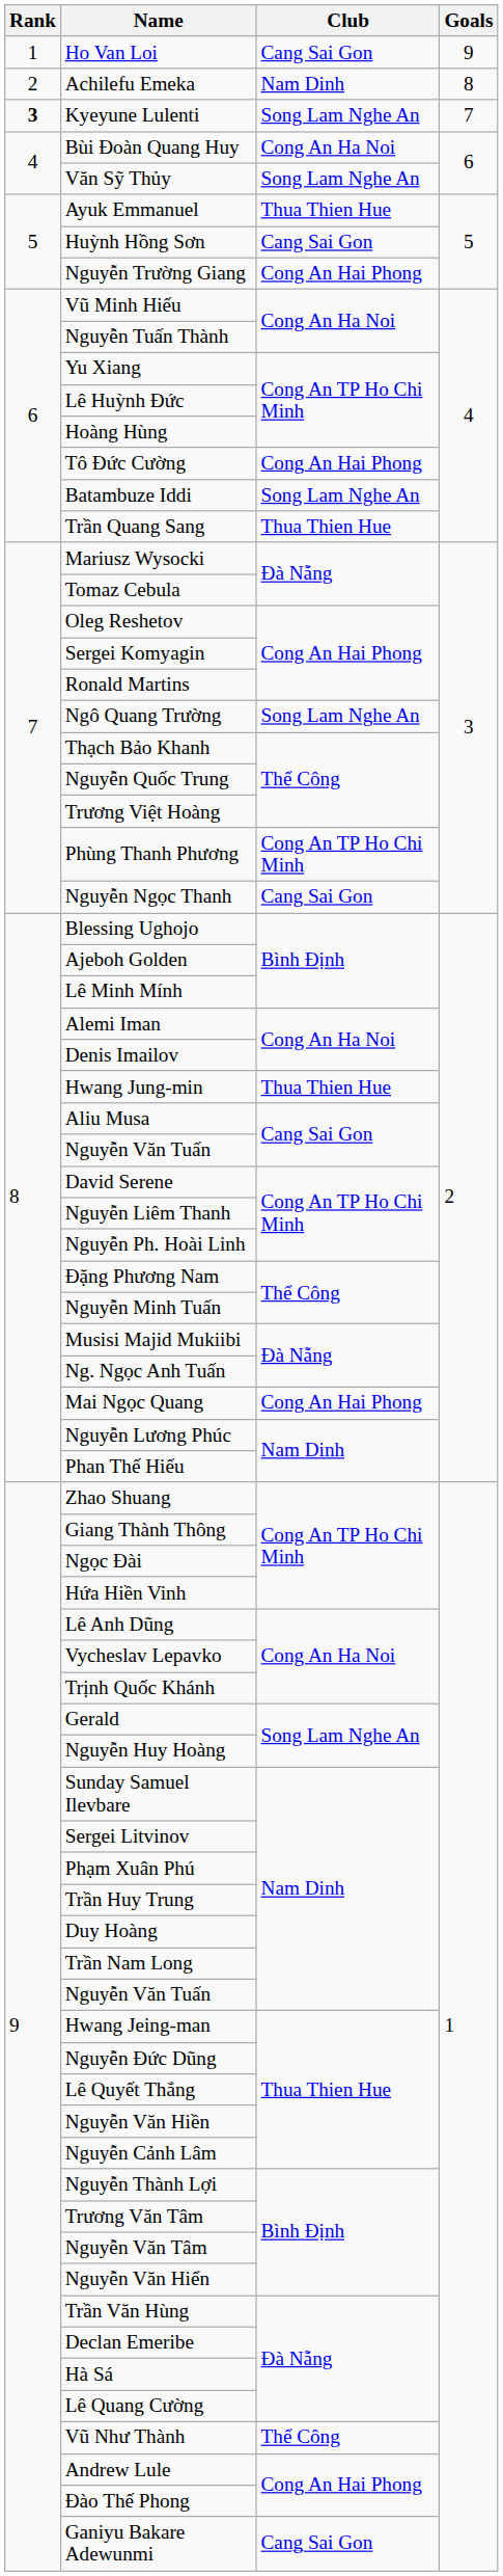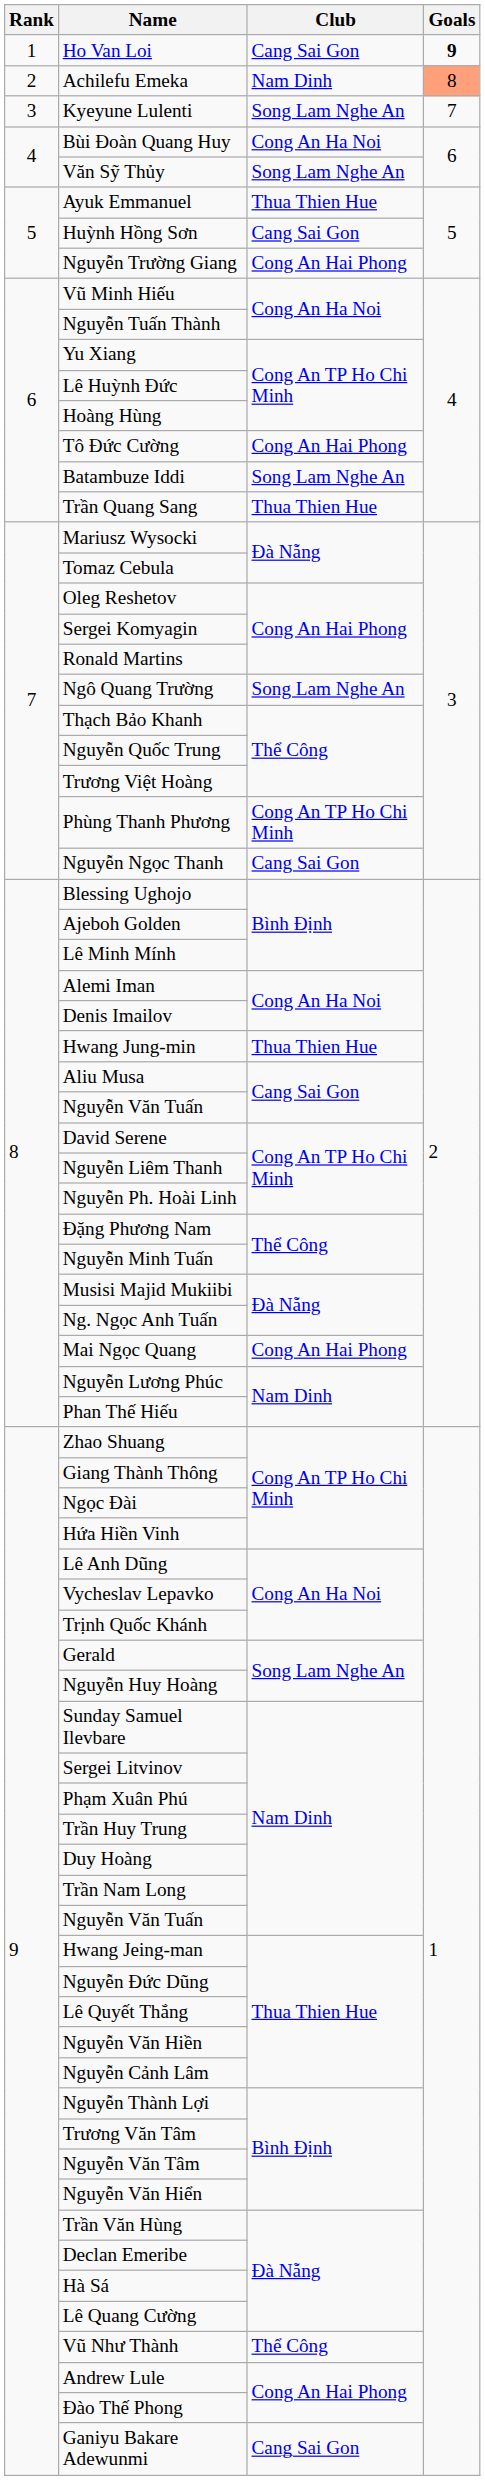 <table class="wikitable sortable">
 <tr>
 <th>Rank</th>
 <th width='150'>Name</th>
 <th width='140'>Club</th>
 <th>Goals</th>
 </tr>
 <tr>
 <td align="center">1</td>
 <td> <a href='#'>Ho Van Loi</a></td>
 <td><a href='#'>Cang Sai Gon</a></td>
-<td align="center">9</td>
+<td align="center"><strong>9</strong></td>
 </tr>
 <tr>
 <td align="center">2</td>
 <td> Achilefu Emeka</td>
 <td><a href='#'>Nam Dinh</a></td>
-<td align="center">8</td>
+<td align="center" style="background: lightsalmon;">8</td>
 </tr>
 <tr>
-<td align="center"><strong>3</strong></td>
+<td align="center">3</td>
 <td> Kyeyune Lulenti</td>
 <td><a href='#'>Song Lam Nghe An</a></td>
 <td align="center">7</td>
 </tr>
 <tr>
 <td rowspan="2" align="center">4</td>
 <td> Bùi Đoàn Quang Huy</td>
 <td><a href='#'>Cong An Ha Noi</a></td>
 <td rowspan="2" align="center">6</td>
 </tr>
 <tr>
 <td> Văn Sỹ Thủy</td>
 <td><a href='#'>Song Lam Nghe An</a></td>
 </tr>
 <tr>
 <td rowspan="3" align="center">5</td>
 <td> Ayuk Emmanuel</td>
 <td><a href='#'>Thua Thien Hue</a></td>
 <td rowspan="3" align="center">5</td>
 </tr>
 <tr>
 <td> Huỳnh Hồng Sơn</td>
 <td><a href='#'>Cang Sai Gon</a></td>
 </tr>
 <tr>
 <td> Nguyễn Trường Giang</td>
 <td><a href='#'>Cong An Hai Phong</a></td>
 </tr>
 <tr>
 <td rowspan="8" align="center">6</td>
 <td> Vũ Minh Hiếu</td>
 <td rowspan="2"><a href='#'>Cong An Ha Noi</a></td>
 <td rowspan="8" align="center">4</td>
 </tr>
 <tr>
 <td> Nguyễn Tuấn Thành</td>
 </tr>
 <tr>
 <td> Yu Xiang</td>
 <td rowspan="3"><a href='#'>Cong An TP Ho Chi Minh</a></td>
 </tr>
 <tr>
 <td> Lê Huỳnh Đức</td>
 </tr>
 <tr>
 <td> Hoàng Hùng</td>
 </tr>
 <tr>
 <td> Tô Đức Cường</td>
 <td><a href='#'>Cong An Hai Phong</a></td>
 </tr>
 <tr>
 <td> Batambuze Iddi</td>
 <td><a href='#'>Song Lam Nghe An</a></td>
 </tr>
 <tr>
 <td> Trần Quang Sang</td>
 <td><a href='#'>Thua Thien Hue</a></td>
 </tr>
 <tr>
 <td rowspan="11" align="center">7</td>
 <td> Mariusz Wysocki</td>
 <td rowspan="2"><a href='#'>Đà Nẵng</a></td>
 <td rowspan="11" align="center">3</td>
 </tr>
 <tr>
 <td> Tomaz Cebula</td>
 </tr>
 <tr>
 <td> Oleg Reshetov</td>
 <td rowspan="3"><a href='#'>Cong An Hai Phong</a></td>
 </tr>
 <tr>
 <td> Sergei Komyagin</td>
 </tr>
 <tr>
 <td> Ronald Martins</td>
 </tr>
 <tr>
 <td> Ngô Quang Trường</td>
 <td><a href='#'>Song Lam Nghe An</a></td>
 </tr>
 <tr>
 <td> Thạch Bảo Khanh</td>
 <td rowspan="3"><a href='#'>Thể Công</a></td>
 </tr>
 <tr>
 <td> Nguyễn Quốc Trung</td>
 </tr>
 <tr>
 <td> Trương Việt Hoàng</td>
 </tr>
 <tr>
 <td> Phùng Thanh Phương</td>
 <td><a href='#'>Cong An TP Ho Chi Minh</a></td>
 </tr>
 <tr>
 <td> Nguyễn Ngọc Thanh</td>
 <td><a href='#'>Cang Sai Gon</a></td>
 </tr>
 <tr>
 <td rowspan="18">8</td>
 <td> Blessing Ughojo</td>
 <td rowspan="3"><a href='#'>Bình Định</a></td>
 <td rowspan="18">2</td>
 </tr>
 <tr>
 <td> Ajeboh Golden</td>
 </tr>
 <tr>
 <td> Lê Minh Mính</td>
 </tr>
 <tr>
 <td> Alemi Iman</td>
 <td rowspan="2"><a href='#'>Cong An Ha Noi</a></td>
 </tr>
 <tr>
 <td> Denis Imailov</td>
 </tr>
 <tr>
 <td> Hwang Jung-min</td>
 <td><a href='#'>Thua Thien Hue</a></td>
 </tr>
 <tr>
 <td> Aliu Musa</td>
 <td rowspan="2"><a href='#'>Cang Sai Gon</a></td>
 </tr>
 <tr>
 <td> Nguyễn Văn Tuấn</td>
 </tr>
 <tr>
 <td> David Serene</td>
 <td rowspan="3"><a href='#'>Cong An TP Ho Chi Minh</a></td>
 </tr>
 <tr>
 <td> Nguyễn Liêm Thanh</td>
 </tr>
 <tr>
 <td> Nguyễn Ph. Hoài Linh</td>
 </tr>
 <tr>
 <td> Đặng Phương Nam</td>
 <td rowspan="2"><a href='#'>Thể Công</a></td>
 </tr>
 <tr>
 <td> Nguyễn Minh Tuấn</td>
 </tr>
 <tr>
 <td> Musisi Majid Mukiibi</td>
 <td rowspan="2"><a href='#'>Đà Nẵng</a></td>
 </tr>
 <tr>
 <td> Ng. Ngọc Anh Tuấn</td>
 </tr>
 <tr>
 <td> Mai Ngọc Quang</td>
 <td><a href='#'>Cong An Hai Phong</a></td>
 </tr>
 <tr>
 <td> Nguyễn Lương Phúc</td>
 <td rowspan="2"><a href='#'>Nam Dinh</a></td>
 </tr>
 <tr>
 <td> Phan Thế Hiếu</td>
 </tr>
 <tr>
 <td rowspan="33">9</td>
 <td> Zhao Shuang</td>
 <td rowspan="4"><a href='#'>Cong An TP Ho Chi Minh</a></td>
 <td rowspan="33">1</td>
 </tr>
 <tr>
 <td> Giang Thành Thông</td>
 </tr>
 <tr>
 <td> Ngọc Đài</td>
 </tr>
 <tr>
 <td> Hứa Hiền Vinh</td>
 </tr>
 <tr>
 <td> Lê Anh Dũng</td>
 <td rowspan="3"><a href='#'>Cong An Ha Noi</a></td>
 </tr>
 <tr>
 <td> Vycheslav Lepavko</td>
 </tr>
 <tr>
 <td> Trịnh Quốc Khánh</td>
 </tr>
 <tr>
 <td> Gerald</td>
 <td rowspan="2"><a href='#'>Song Lam Nghe An</a></td>
 </tr>
 <tr>
 <td> Nguyễn Huy Hoàng</td>
 </tr>
 <tr>
 <td> Sunday Samuel Ilevbare</td>
 <td rowspan="7"><a href='#'>Nam Dinh</a></td>
 </tr>
 <tr>
 <td> Sergei Litvinov</td>
 </tr>
 <tr>
 <td> Phạm Xuân Phú</td>
 </tr>
 <tr>
 <td> Trần Huy Trung</td>
 </tr>
 <tr>
 <td> Duy Hoàng</td>
 </tr>
 <tr>
 <td> Trần Nam Long</td>
 </tr>
 <tr>
 <td> Nguyễn Văn Tuấn</td>
 </tr>
 <tr>
 <td> Hwang Jeing-man</td>
 <td rowspan="5"><a href='#'>Thua Thien Hue</a></td>
 </tr>
 <tr>
 <td> Nguyễn Đức Dũng</td>
 </tr>
 <tr>
 <td> Lê Quyết Thắng</td>
 </tr>
 <tr>
 <td> Nguyễn Văn Hiền</td>
 </tr>
 <tr>
 <td> Nguyễn Cảnh Lâm</td>
 </tr>
 <tr>
 <td> Nguyễn Thành Lợi</td>
 <td rowspan="4"><a href='#'>Bình Định</a></td>
 </tr>
 <tr>
 <td> Trương Văn Tâm</td>
 </tr>
 <tr>
 <td> Nguyễn Văn Tâm</td>
 </tr>
 <tr>
 <td> Nguyễn Văn Hiển</td>
 </tr>
 <tr>
 <td> Trần Văn Hùng</td>
 <td rowspan="4"><a href='#'>Đà Nẵng</a></td>
 </tr>
 <tr>
 <td> Declan Emeribe</td>
 </tr>
 <tr>
 <td> Hà Sá</td>
 </tr>
 <tr>
 <td> Lê Quang Cường</td>
 </tr>
 <tr>
 <td> Vũ Như Thành</td>
 <td><a href='#'>Thể Công</a></td>
 </tr>
 <tr>
 <td> Andrew Lule</td>
 <td rowspan="2"><a href='#'>Cong An Hai Phong</a></td>
 </tr>
 <tr>
 <td> Đào Thế Phong</td>
 </tr>
 <tr>
 <td> Ganiyu Bakare Adewunmi</td>
 <td><a href='#'>Cang Sai Gon</a></td>
 </tr>
 </table>
